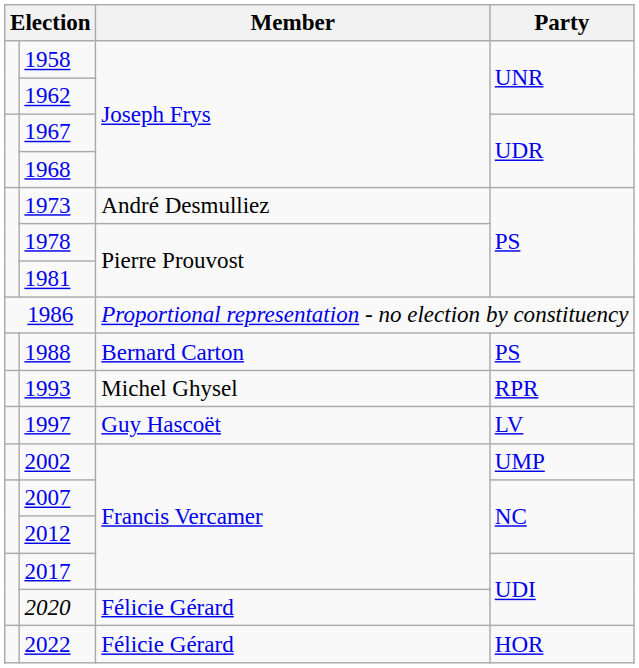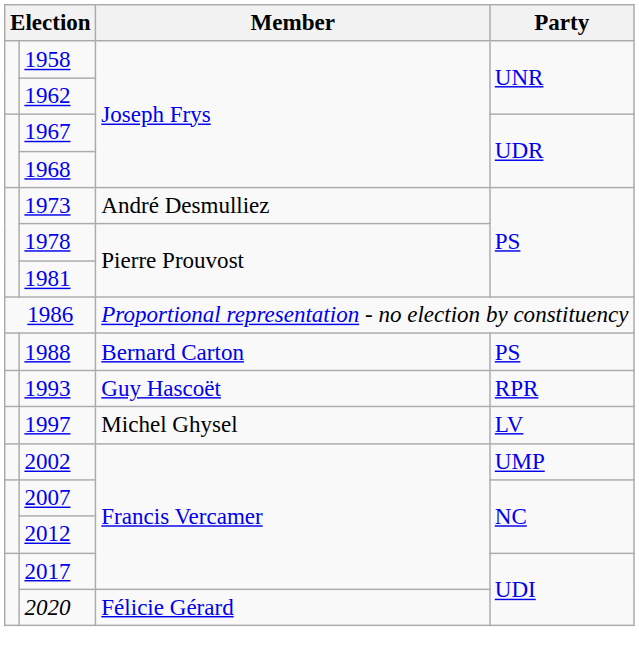 <table class="wikitable">
 <tr>
 <th colspan="2">Election</th>
 <th>Member</th>
 <th>Party</th>
 </tr>
 <tr>
 <td rowspan="2" style="color:inherit;background-color: "></td>
 <td><a href='#'>1958</a></td>
 <td rowspan="4"><a href='#'>Joseph Frys</a></td>
 <td rowspan="2"><a href='#'>UNR</a></td>
 </tr>
 <tr>
 <td><a href='#'>1962</a></td>
 </tr>
 <tr>
 <td rowspan="2" style="color:inherit;background-color: "></td>
 <td><a href='#'>1967</a></td>
 <td rowspan="2"><a href='#'>UDR</a></td>
 </tr>
 <tr>
 <td><a href='#'>1968</a></td>
 </tr>
 <tr>
 <td rowspan="3" style="color:inherit;background-color: "></td>
 <td><a href='#'>1973</a></td>
 <td>André Desmulliez</td>
 <td rowspan="3"><a href='#'>PS</a></td>
 </tr>
 <tr>
 <td><a href='#'>1978</a></td>
 <td rowspan="2">Pierre Prouvost</td>
 </tr>
 <tr>
 <td><a href='#'>1981</a></td>
 </tr>
 <tr>
 <td colspan="2" align="center"><a href='#'>1986</a></td>
 <td colspan="2"><em><a href='#'>Proportional representation</a> - no election by constituency</em></td>
 </tr>
 <tr>
 <td style="color:inherit;background-color: "></td>
 <td><a href='#'>1988</a></td>
 <td><a href='#'>Bernard Carton</a></td>
 <td><a href='#'>PS</a></td>
 </tr>
 <tr>
 <td style="color:inherit;background-color: "></td>
 <td><a href='#'>1993</a></td>
-<td>Michel Ghysel</td>
+<td><a href='#'>Guy Hascoët</a></td>
 <td><a href='#'>RPR</a></td>
 </tr>
 <tr>
 <td style="color:inherit;background-color: "></td>
 <td><a href='#'>1997</a></td>
-<td><a href='#'>Guy Hascoët</a></td>
+<td>Michel Ghysel</td>
 <td><a href='#'>LV</a></td>
 </tr>
 <tr>
 <td style="color:inherit;background-color: "></td>
 <td><a href='#'>2002</a></td>
 <td rowspan="4"><a href='#'>Francis Vercamer</a></td>
 <td><a href='#'>UMP</a></td>
 </tr>
 <tr>
 <td rowspan="2" style="color:inherit;background-color: "></td>
 <td><a href='#'>2007</a></td>
 <td rowspan="2"><a href='#'>NC</a></td>
 </tr>
 <tr>
 <td><a href='#'>2012</a></td>
 </tr>
 <tr>
 <td rowspan="2" style="color:inherit;background-color: "></td>
 <td><a href='#'>2017</a></td>
 <td rowspan="2"><a href='#'>UDI</a></td>
 </tr>
 <tr>
 <td><em>2020</em></td>
 <td><a href='#'>Félicie Gérard</a></td>
 </tr>
-<tr>
-<td style="color:inherit;background-color: "></td>
-<td><a href='#'>2022</a></td>
-<td><a href='#'>Félicie Gérard</a></td>
-<td><a href='#'>HOR</a></td>
-</tr>
 </table>
